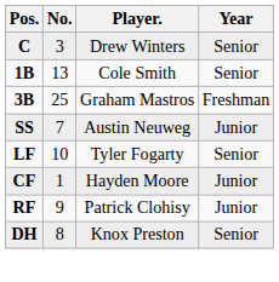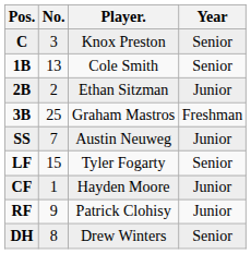 <table class="wikitable non-sortable">
 <tr>
 <th style="text-align:center; ">Pos.</th>
 <th style="text-align:center; ">No.</th>
 <th style="text-align:center; ">Player.</th>
 <th style="text-align:center; ">Year</th>
 </tr>
 <tr style="background:#eeeeee;text-align:center;">
 <td><strong>C</strong></td>
 <td>3</td>
-<td>Drew Winters</td>
+<td>Knox Preston</td>
 <td>Senior</td>
 </tr>
 <tr style="text-align:center;">
 <td><strong>1B</strong></td>
 <td>13</td>
 <td>Cole Smith</td>
 <td>Senior</td>
+</tr>
+<tr style="background:#eeeeee;text-align:center;">
+<td><strong>2B</strong></td>
+<td>2</td>
+<td>Ethan Sitzman</td>
+<td>Junior</td>
 </tr>
 <tr style="text-align:center;">
 <td><strong>3B</strong></td>
 <td>25</td>
 <td>Graham Mastros</td>
 <td>Freshman</td>
 </tr>
 <tr style="background:#eeeeee;text-align:center;">
 <td><strong>SS</strong></td>
 <td>7</td>
 <td>Austin Neuweg</td>
 <td>Junior</td>
 </tr>
 <tr style="text-align:center;">
 <td><strong>LF</strong></td>
-<td>10</td>
+<td>15</td>
 <td>Tyler Fogarty</td>
 <td>Senior</td>
 </tr>
 <tr style="background:#eeeeee;text-align:center;">
 <td><strong>CF</strong></td>
 <td>1</td>
 <td>Hayden Moore</td>
 <td>Junior</td>
 </tr>
 <tr style="text-align:center;">
 <td><strong>RF</strong></td>
 <td>9</td>
 <td>Patrick Clohisy</td>
 <td>Junior</td>
 </tr>
 <tr style="background:#eeeeee;text-align:center;">
 <td><strong>DH</strong></td>
 <td>8</td>
-<td>Knox Preston</td>
+<td>Drew Winters</td>
 <td>Senior</td>
 </tr>
 </table>
